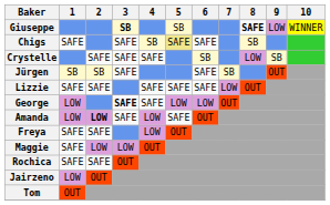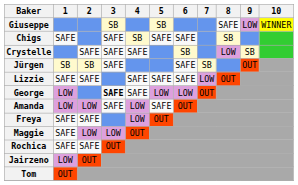 <table class="wikitable" style="text-align:center">
 <tr>
 <th scope="col">Baker</th>
 <th scope="col">1</th>
 <th scope="col">2</th>
 <th scope="col">3</th>
 <th scope="col">4</th>
 <th scope="col">5</th>
 <th scope="col">6</th>
 <th scope="col">7</th>
 <th scope="col">8</th>
 <th scope="col">9</th>
 <th scope="col">10</th>
 </tr>
 <tr>
 <th scope="row">Giuseppe</th>
 <td style="background:Cornflowerblue"></td>
 <td style="background:Cornflowerblue"></td>
-<td style="background:LemonChiffon;"><strong>SB</strong></td>
+<td style="background:LemonChiffon;">SB</td>
 <td style="background:Cornflowerblue"></td>
 <td style="background:LemonChiffon;">SB</td>
 <td style="background:Cornflowerblue"></td>
 <td style="background:Cornflowerblue"></td>
-<td><strong>SAFE</strong></td>
+<td>SAFE</td>
 <td style="background:Plum;">LOW</td>
 <td style="background:Yellow;">WINNER</td>
 </tr>
 <tr>
 <th scope="row">Chigs</th>
 <td>SAFE</td>
 <td style="background:Cornflowerblue;"></td>
 <td>SAFE</td>
 <td style="background:LemonChiffon;">SB</td>
-<td style="background: khaki;">SAFE</td>
+<td>SAFE</td>
 <td>SAFE</td>
 <td style="background:Cornflowerblue;"></td>
 <td style="background:LemonChiffon;">SB</td>
 <td style="background:Cornflowerblue;"></td>
 <td style="background:limegreen;"></td>
 </tr>
 <tr>
 <th scope="row">Crystelle</th>
 <td style="background:Cornflowerblue;"></td>
 <td>SAFE</td>
 <td>SAFE</td>
 <td>SAFE</td>
 <td style="background:Cornflowerblue"></td>
 <td style="background:LemonChiffon;">SB</td>
 <td style="background:Cornflowerblue;"></td>
 <td style="background:Plum;">LOW</td>
 <td style="background:LemonChiffon;">SB</td>
 <td style="background:limegreen;"></td>
 </tr>
 <tr>
 <th scope="row">Jürgen</th>
 <td style="background:LemonChiffon;">SB</td>
 <td style="background:LemonChiffon;">SB</td>
 <td>SAFE</td>
 <td style="background:Cornflowerblue"></td>
 <td style="background:Cornflowerblue"></td>
 <td>SAFE</td>
 <td style="background:LemonChiffon;">SB</td>
 <td style="background:Cornflowerblue"></td>
 <td style="background:orangered;">OUT</td>
 <td colspan="9" style="background:darkgrey;"></td>
 </tr>
 <tr>
 <th scope="row">Lizzie</th>
 <td>SAFE</td>
 <td>SAFE</td>
 <td style="background:cornflowerblue;"></td>
 <td>SAFE</td>
 <td>SAFE</td>
 <td>SAFE</td>
 <td style="background:Plum;">LOW</td>
 <td style="background:orangered;">OUT</td>
 <td colspan="9" style="background:darkgrey;"></td>
 </tr>
 <tr>
 <th scope="row">George</th>
 <td style="background:Plum;">LOW</td>
 <td style="background:Cornflowerblue;"></td>
 <td><strong>SAFE</strong></td>
 <td>SAFE</td>
 <td style="background:Plum;">LOW</td>
 <td style="background:Plum;">LOW</td>
 <td style="background:orangered;">OUT</td>
 <td colspan="9" style="background:darkgrey;"></td>
 </tr>
 <tr>
 <th scope="row">Amanda</th>
 <td style="background:Plum;">LOW</td>
-<td style="background:Plum;"><strong>LOW</strong></td>
+<td style="background:Plum;">LOW</td>
 <td>SAFE</td>
 <td style="background:Plum;">LOW</td>
 <td>SAFE</td>
 <td style="background:orangered;">OUT</td>
 <td colspan="9" style="background:darkgrey;"></td>
 </tr>
 <tr>
 <th scope="row">Freya</th>
 <td>SAFE</td>
 <td>SAFE</td>
 <td style="background:Cornflowerblue"></td>
 <td style="background:Plum;">LOW</td>
 <td style="background:orangered;">OUT</td>
 <td colspan="9" style="background:darkgrey;"></td>
 </tr>
 <tr>
 <th scope="row">Maggie</th>
 <td>SAFE</td>
 <td style="background:Plum;">LOW</td>
 <td style="background:Plum;">LOW</td>
 <td style="background:orangered;">OUT</td>
 <td colspan="9" style="background:darkgrey;"></td>
 </tr>
 <tr>
 <th scope="row">Rochica</th>
 <td>SAFE</td>
 <td>SAFE</td>
 <td style="background:orangered;">OUT</td>
 <td colspan="9" style="background:darkgrey;"></td>
 </tr>
 <tr>
 <th scope="row">Jairzeno</th>
 <td style="background:Plum;">LOW</td>
 <td style="background:orangered;">OUT</td>
 <td colspan="9" style="background:darkgrey;"></td>
 </tr>
 <tr>
 <th scope="row">Tom</th>
 <td style="background:orangered;">OUT</td>
 <td colspan="9" style="background:darkgrey;"></td>
 </tr>
 <tr>
 </tr>
 </table>
